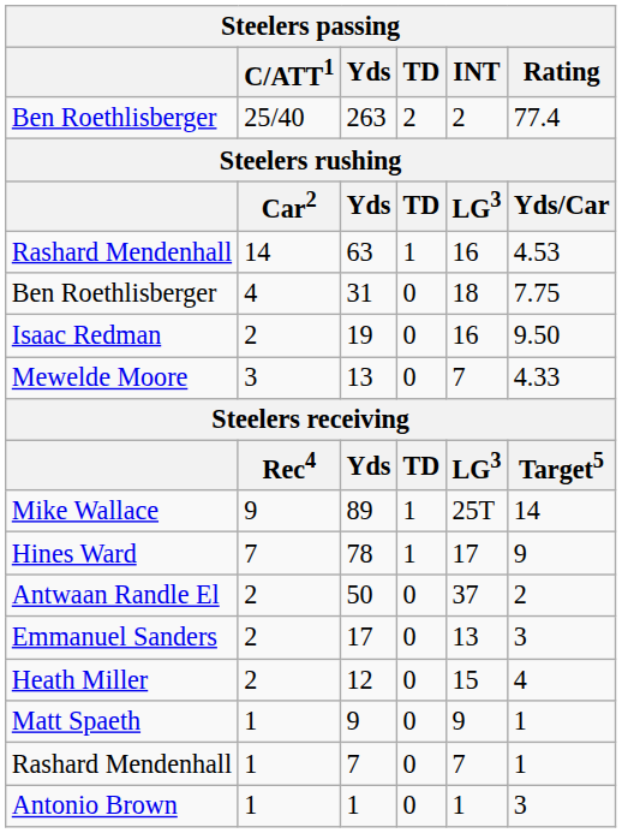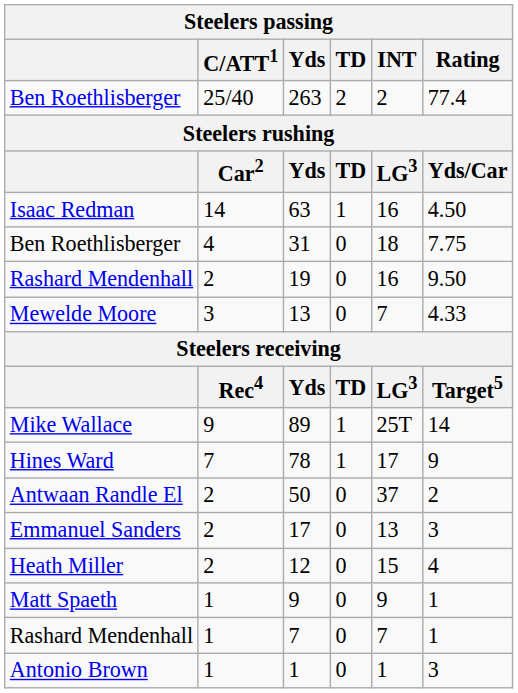 <table class="wikitable">
 <tr>
 <th colspan="6">Steelers passing</th>
 </tr>
 <tr>
 <th></th>
 <th>C/ATT<sup>1</sup></th>
 <th>Yds</th>
 <th>TD</th>
 <th>INT</th>
 <th>Rating</th>
 </tr>
 <tr>
 <td><a href='#'>Ben Roethlisberger</a></td>
 <td>25/40</td>
 <td>263</td>
 <td>2</td>
 <td>2</td>
 <td>77.4</td>
 </tr>
 <tr>
 <th colspan="6">Steelers rushing</th>
 </tr>
 <tr>
 <th></th>
 <th>Car<sup>2</sup></th>
 <th>Yds</th>
 <th>TD</th>
 <th>LG<sup>3</sup></th>
 <th>Yds/Car</th>
 </tr>
 <tr>
-<td><a href='#'>Rashard Mendenhall</a></td>
+<td><a href='#'>Isaac Redman</a></td>
 <td>14</td>
 <td>63</td>
 <td>1</td>
 <td>16</td>
-<td>4.53</td>
+<td>4.50</td>
 </tr>
 <tr>
 <td>Ben Roethlisberger</td>
 <td>4</td>
 <td>31</td>
 <td>0</td>
 <td>18</td>
 <td>7.75</td>
 </tr>
 <tr>
-<td><a href='#'>Isaac Redman</a></td>
+<td><a href='#'>Rashard Mendenhall</a></td>
 <td>2</td>
 <td>19</td>
 <td>0</td>
 <td>16</td>
 <td>9.50</td>
 </tr>
 <tr>
 <td><a href='#'>Mewelde Moore</a></td>
 <td>3</td>
 <td>13</td>
 <td>0</td>
 <td>7</td>
 <td>4.33</td>
 </tr>
 <tr>
 <th colspan="6">Steelers receiving</th>
 </tr>
 <tr>
 <th></th>
 <th>Rec<sup>4</sup></th>
 <th>Yds</th>
 <th>TD</th>
 <th>LG<sup>3</sup></th>
 <th>Target<sup>5</sup></th>
 </tr>
 <tr>
 <td><a href='#'>Mike Wallace</a></td>
 <td>9</td>
 <td>89</td>
 <td>1</td>
 <td>25T</td>
 <td>14</td>
 </tr>
 <tr>
 <td><a href='#'>Hines Ward</a></td>
 <td>7</td>
 <td>78</td>
 <td>1</td>
 <td>17</td>
 <td>9</td>
 </tr>
 <tr>
 <td><a href='#'>Antwaan Randle El</a></td>
 <td>2</td>
 <td>50</td>
 <td>0</td>
 <td>37</td>
 <td>2</td>
 </tr>
 <tr>
 <td><a href='#'>Emmanuel Sanders</a></td>
 <td>2</td>
 <td>17</td>
 <td>0</td>
 <td>13</td>
 <td>3</td>
 </tr>
 <tr>
 <td><a href='#'>Heath Miller</a></td>
 <td>2</td>
 <td>12</td>
 <td>0</td>
 <td>15</td>
 <td>4</td>
 </tr>
 <tr>
 <td><a href='#'>Matt Spaeth</a></td>
 <td>1</td>
 <td>9</td>
 <td>0</td>
 <td>9</td>
 <td>1</td>
 </tr>
 <tr>
 <td>Rashard Mendenhall</td>
 <td>1</td>
 <td>7</td>
 <td>0</td>
 <td>7</td>
 <td>1</td>
 </tr>
 <tr>
 <td><a href='#'>Antonio Brown</a></td>
 <td>1</td>
 <td>1</td>
 <td>0</td>
 <td>1</td>
 <td>3</td>
 </tr>
 </table>
